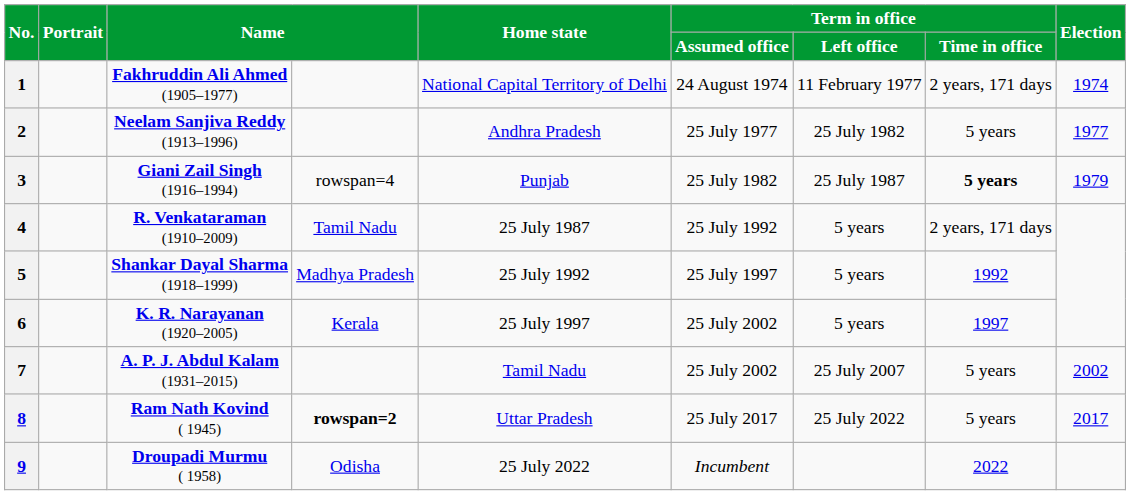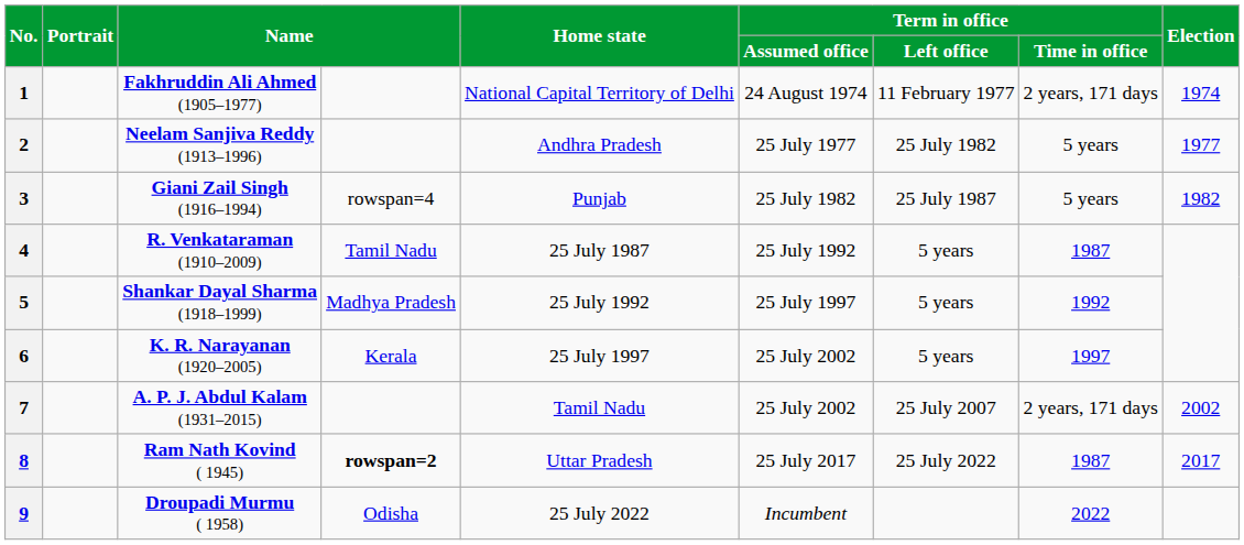 <table class="wikitable sortable" style="text-align:center;">
 <tr>
 <th rowspan=2 style="background-color:#009933;color:white">No.</th>
 <th rowspan=2 style="background-color:#009933;color:white">Portrait</th>
 <th rowspan=2 colspan=2 style="background-color:#009933;color:white">Name<br></th>
 <th rowspan=2 style="background-color:#009933;color:white">Home state</th>
 <th colspan=3 style="background-color:#009933;color:white">Term in office</th>
 <th rowspan=2 style="background-color:#009933;color:white">Election</th>
 </tr>
 <tr>
 <th style="background-color:#009933;color:white">Assumed office</th>
 <th style="background-color:#009933;color:white">Left office</th>
 <th style="background-color:#009933;color:white">Time in office</th>
 </tr>
 <tr>
 <th>1</th>
 <td></td>
 <td><strong><a href='#'>Fakhruddin Ali Ahmed</a></strong><br><small>(1905–1977)</small></td>
 <td></td>
 <td><a href='#'>National Capital Territory of Delhi</a></td>
 <td>24 August 1974</td>
 <td>11 February 1977</td>
 <td>2 years, 171 days</td>
 <td><a href='#'>1974</a></td>
 </tr>
 <tr>
 <th>2</th>
 <td></td>
 <td><strong><a href='#'>Neelam Sanjiva Reddy</a></strong><br><small>(1913–1996)</small></td>
 <td></td>
 <td><a href='#'>Andhra Pradesh</a></td>
 <td>25 July 1977</td>
 <td>25 July 1982</td>
 <td>5 years</td>
 <td><a href='#'>1977</a></td>
 </tr>
 <tr>
 <th>3</th>
 <td></td>
 <td><strong><a href='#'>Giani Zail Singh</a></strong><br><small>(1916–1994)</small></td>
 <td>rowspan=4 </td>
 <td><a href='#'>Punjab</a></td>
 <td>25 July 1982</td>
 <td>25 July 1987</td>
-<td><strong>5 years</strong></td>
-<td><a href='#'>1979</a></td>
+<td>5 years</td>
+<td><a href='#'>1982</a></td>
 </tr>
 <tr>
 <th>4</th>
 <td></td>
 <td><strong><a href='#'>R. Venkataraman</a></strong><br><small>(1910–2009)</small></td>
 <td><a href='#'>Tamil Nadu</a></td>
 <td>25 July 1987</td>
 <td>25 July 1992</td>
 <td>5 years</td>
-<td>2 years, 171 days</td>
+<td><a href='#'>1987</a></td>
 </tr>
 <tr>
 <th>5</th>
 <td></td>
 <td><strong><a href='#'>Shankar Dayal Sharma</a></strong><br><small>(1918–1999)</small></td>
 <td><a href='#'>Madhya Pradesh</a></td>
 <td>25 July 1992</td>
 <td>25 July 1997</td>
 <td>5 years</td>
 <td><a href='#'>1992</a></td>
 </tr>
 <tr>
 <th>6</th>
 <td></td>
 <td><strong><a href='#'>K. R. Narayanan</a></strong><br><small>(1920–2005)</small></td>
 <td><a href='#'>Kerala</a></td>
 <td>25 July 1997</td>
 <td>25 July 2002</td>
 <td>5 years</td>
 <td><a href='#'>1997</a></td>
 </tr>
 <tr>
 <th>7</th>
 <td></td>
 <td><strong><a href='#'>A. P. J. Abdul Kalam</a></strong><br><small>(1931–2015)</small></td>
 <td></td>
 <td><a href='#'>Tamil Nadu</a></td>
 <td>25 July 2002</td>
 <td>25 July 2007</td>
-<td>5 years</td>
+<td>2 years, 171 days</td>
 <td><a href='#'>2002</a></td>
 </tr>
 <tr>
 <th><a href='#'>8</a></th>
 <td></td>
 <td><strong><a href='#'>Ram Nath Kovind</a></strong><br><small>( 1945)</small></td>
 <td><strong>rowspan=2 </strong></td>
 <td><a href='#'>Uttar Pradesh</a></td>
 <td>25 July 2017</td>
 <td>25 July 2022</td>
-<td>5 years</td>
+<td><a href='#'>1987</a></td>
 <td><a href='#'>2017</a></td>
 </tr>
 <tr>
 <th><a href='#'>9</a></th>
 <td></td>
 <td><strong><a href='#'>Droupadi Murmu</a></strong><br><small>( 1958)</small></td>
 <td><a href='#'>Odisha</a></td>
 <td>25 July 2022</td>
 <td><em>Incumbent</em></td>
 <td></td>
 <td><a href='#'>2022</a></td>
 </tr>
 </table>
